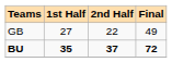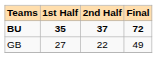 <table class="wikitable" align=right>
 <tr bgcolor=#ffdead align=center>
 <td><strong>Teams</strong></td>
 <td><strong>1st Half</strong></td>
 <td><strong>2nd Half</strong></td>
 <td><strong>Final</strong></td>
 </tr>
 <tr>
+<td><strong>BU</strong></td>
+<td align=center><strong>35</strong></td>
+<td align=center><strong>37</strong></td>
+<td align=center><strong>72</strong></td>
+</tr>
+<tr>
 <td>GB</td>
 <td align=center>27</td>
 <td align=center>22</td>
 <td align=center>49</td>
 </tr>
 <tr>
-<td><strong>BU</strong></td>
-<td align=center><strong>35</strong></td>
-<td align=center><strong>37</strong></td>
-<td align=center><strong>72</strong></td>
-</tr>
-<tr>
 </tr>
 </table>
